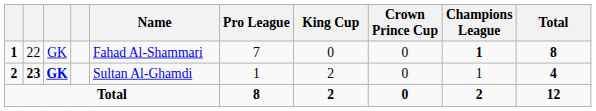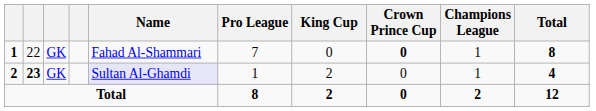 <table class="wikitable" style="text-align:center">
 <tr>
 <th width=15></th>
 <th width=15></th>
 <th width=15></th>
 <th width=15></th>
 <th width=145>Name</th>
 <th width=80>Pro League</th>
 <th width=80>King Cup</th>
 <th width=80>Crown Prince Cup</th>
 <th width=80>Champions League</th>
 <th width=80>Total</th>
 </tr>
 <tr>
 <td><strong>1</strong></td>
 <td>22</td>
 <td><a href='#'>GK</a></td>
 <td></td>
 <td align=left><a href='#'>Fahad Al-Shammari</a></td>
 <td>7</td>
 <td>0</td>
-<td>0</td>
-<td><strong>1</strong></td>
+<td><strong>0</strong></td>
+<td>1</td>
 <td><strong>8</strong></td>
 </tr>
 <tr>
 <td><strong>2</strong></td>
 <td><strong>23</strong></td>
-<td><strong><a href='#'>GK</a></strong></td>
+<td><a href='#'>GK</a></td>
 <td></td>
-<td align=left><a href='#'>Sultan Al-Ghamdi</a></td>
+<td align=left style="background: lavender;"><a href='#'>Sultan Al-Ghamdi</a></td>
 <td>1</td>
 <td>2</td>
 <td>0</td>
 <td>1</td>
 <td><strong>4</strong></td>
 </tr>
 <tr>
 <td colspan=5><strong>Total</strong></td>
 <td><strong>8</strong></td>
 <td><strong>2</strong></td>
 <td><strong>0</strong></td>
 <td><strong>2</strong></td>
 <td><strong>12</strong></td>
 </tr>
 </table>
